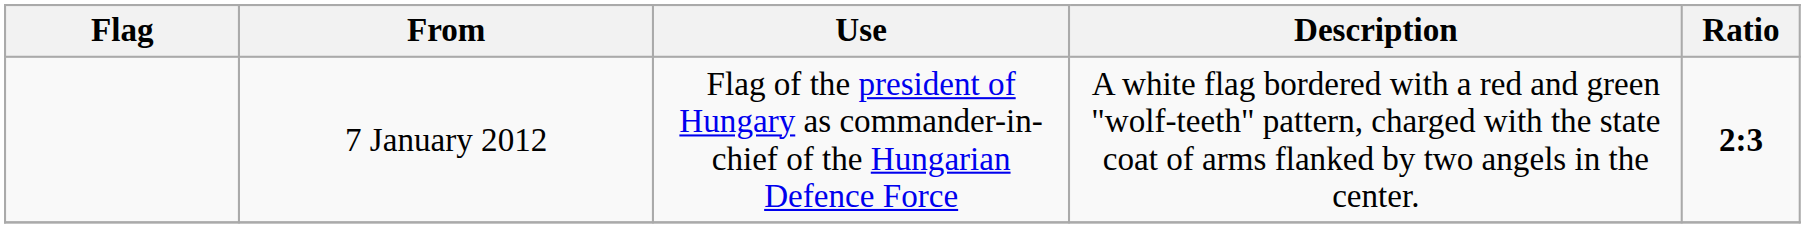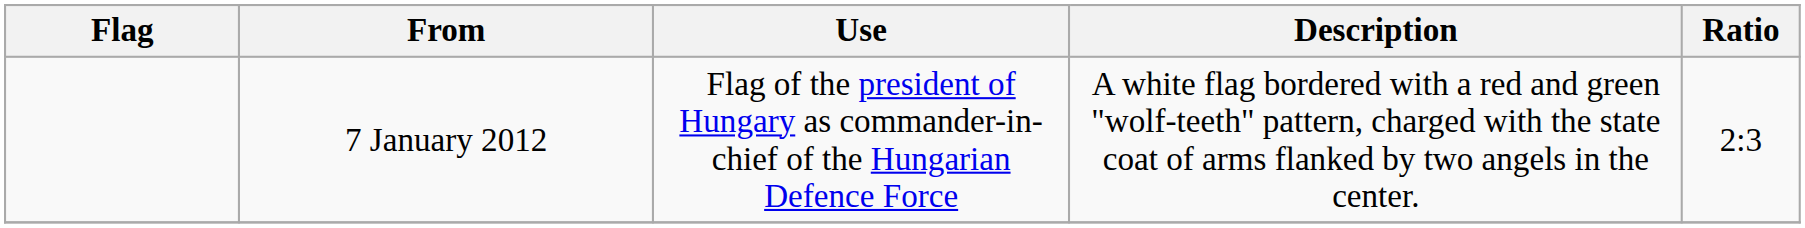 <table class="wikitable" style="text-align:center;">
 <tr>
 <th width="110">Flag</th>
 <th width="200">From</th>
 <th width="200">Use</th>
 <th width="300">Description</th>
 <th width="50">Ratio</th>
 </tr>
 <tr>
 <td></td>
 <td>7 January 2012</td>
 <td>Flag of the <a href='#'>president of Hungary</a> as commander-in-chief of the <a href='#'>Hungarian Defence Force</a></td>
 <td>A white flag bordered with a red and green "wolf-teeth" pattern, charged with the state coat of arms flanked by two angels in the center.</td>
-<td><strong>2:3</strong></td>
+<td>2:3</td>
 </tr>
 <tr>
 </tr>
 </table>
